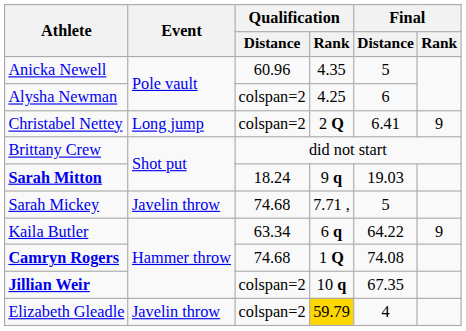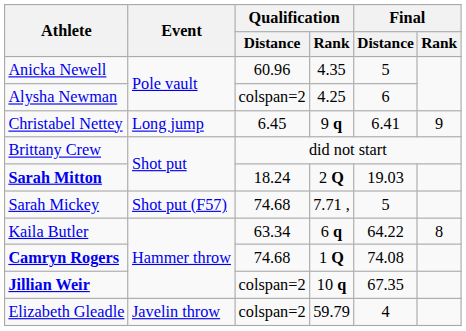 <table class="wikitable" style="font-size:90%">
 <tr>
 <th rowspan=2>Athlete</th>
 <th rowspan=2>Event</th>
 <th colspan=2>Qualification</th>
 <th colspan=2>Final</th>
 </tr>
 <tr style="font-size:95%">
 <th>Distance</th>
 <th>Rank</th>
 <th>Distance</th>
 <th>Rank</th>
 </tr>
 <tr align=center>
 <td align=left><a href='#'>Anicka Newell</a></td>
 <td align=left rowspan=2><a href='#'>Pole vault</a></td>
 <td>60.96</td>
 <td>4.35</td>
 <td>5</td>
 </tr>
 <tr align=center>
 <td align=left><a href='#'>Alysha Newman</a></td>
 <td>colspan=2 </td>
 <td>4.25</td>
 <td>6</td>
 </tr>
 <tr align=center>
 <td align=left><a href='#'>Christabel Nettey</a></td>
 <td align=left><a href='#'>Long jump</a></td>
-<td>colspan=2 </td>
-<td>2 <strong>Q</strong></td>
+<td>6.45</td>
+<td>9 <strong>q</strong></td>
 <td>6.41</td>
 <td>9</td>
 </tr>
 <tr align=center>
 <td align=left><a href='#'>Brittany Crew</a></td>
 <td align=left rowspan=2><a href='#'>Shot put</a></td>
 <td colspan=4>did not start</td>
 </tr>
 <tr align=center>
 <td align=left><strong><a href='#'>Sarah Mitton</a></strong></td>
 <td>18.24</td>
-<td>9 <strong>q</strong></td>
+<td>2 <strong>Q</strong></td>
 <td>19.03</td>
 <td></td>
 </tr>
 <tr align=center>
 <td align=left><a href='#'>Sarah Mickey</a></td>
-<td align=left><a href='#'>Javelin throw</a></td>
+<td align=left><a href='#'>Shot put (F57)</a></td>
 <td>74.68 </td>
 <td>7.71 , </td>
 <td>5</td>
 </tr>
 <tr align=center>
 <td align=left><a href='#'>Kaila Butler</a></td>
 <td align=left rowspan=3><a href='#'>Hammer throw</a></td>
 <td>63.34</td>
 <td>6 <strong>q</strong></td>
 <td>64.22</td>
-<td>9</td>
+<td>8</td>
 </tr>
 <tr align=center>
 <td align=left><strong><a href='#'>Camryn Rogers</a></strong></td>
 <td>74.68 </td>
 <td>1 <strong>Q</strong></td>
 <td>74.08</td>
 <td></td>
 </tr>
 <tr align=center>
 <td align=left><strong><a href='#'>Jillian Weir</a></strong></td>
 <td>colspan=2 </td>
 <td>10 <strong>q</strong></td>
 <td>67.35</td>
 <td></td>
 </tr>
 <tr align=center>
 <td align=left><a href='#'>Elizabeth Gleadle</a></td>
 <td align=left><a href='#'>Javelin throw</a></td>
 <td>colspan=2 </td>
-<td style="background: gold;">59.79</td>
+<td>59.79</td>
 <td>4</td>
 </tr>
 </table>
